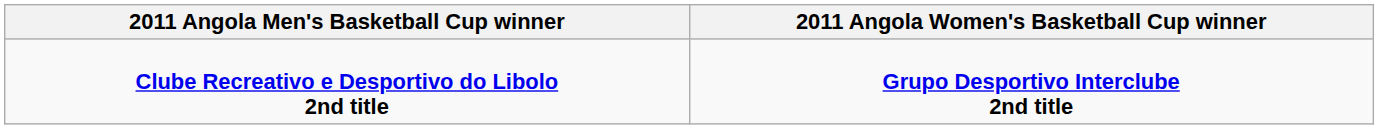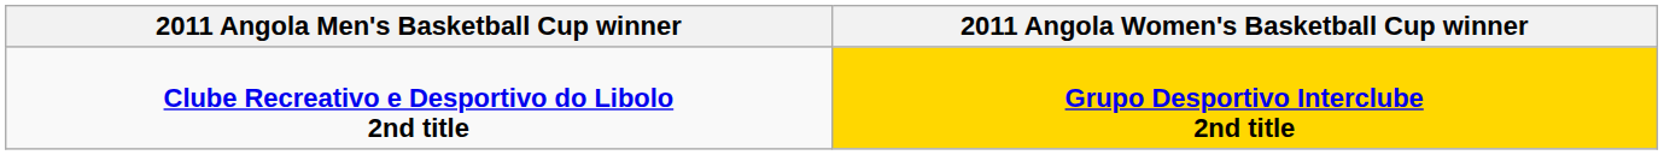 <table class=wikitable style="text-align:center; width: 1000px; margin:auto">
 <tr>
 <th width=600px>2011 Angola Men's Basketball Cup winner</th>
 <th width=600px>2011 Angola Women's Basketball Cup winner</th>
 </tr>
 <tr>
 <td><br><strong><a href='#'>Clube Recreativo e Desportivo do Libolo</a></strong><br><strong>2nd title</strong></td>
-<td><br><strong><a href='#'>Grupo Desportivo Interclube</a></strong><br><strong>2nd title</strong></td>
+<td style="background: gold;"><br><strong><a href='#'>Grupo Desportivo Interclube</a></strong><br><strong>2nd title</strong></td>
 </tr>
 </table>
